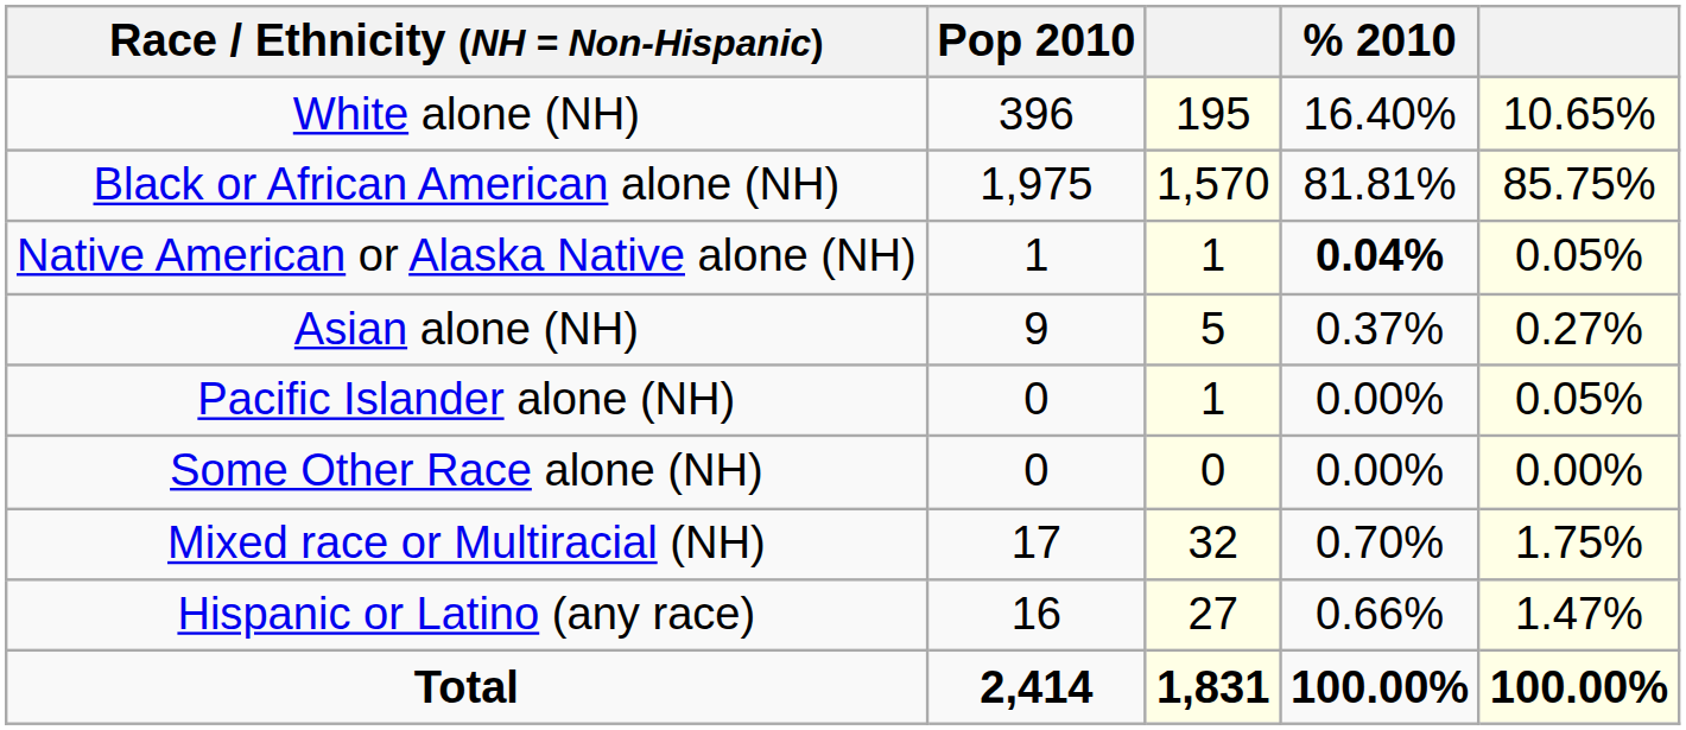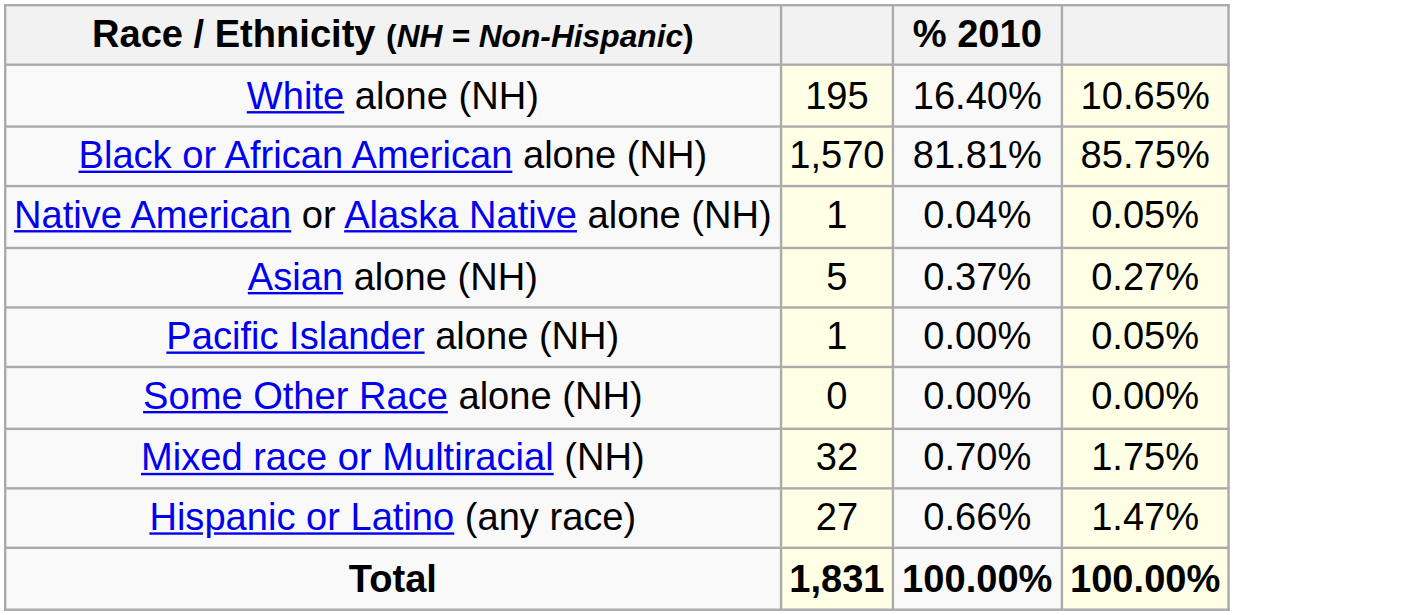 <table class="wikitable"  style="text-align:center;">
 <tr>
 <th>Race / Ethnicity <small>(<em>NH = Non-Hispanic</em>)</small></th>
-<th>Pop 2010</th>
 <th></th>
 <th>% 2010</th>
 <th></th>
 </tr>
 <tr>
 <td><a href='#'>White</a> alone (NH)</td>
-<td>396</td>
 <td style='background: #ffffe6;'>195</td>
 <td>16.40%</td>
 <td style='background: #ffffe6;'>10.65%</td>
 </tr>
 <tr>
 <td><a href='#'>Black or African American</a> alone (NH)</td>
-<td>1,975</td>
 <td style='background: #ffffe6;'>1,570</td>
 <td>81.81%</td>
 <td style='background: #ffffe6;'>85.75%</td>
 </tr>
 <tr>
 <td><a href='#'>Native American</a> or <a href='#'>Alaska Native</a> alone (NH)</td>
-<td>1</td>
 <td style='background: #ffffe6;'>1</td>
-<td><strong>0.04%</strong></td>
+<td>0.04%</td>
 <td style='background: #ffffe6;'>0.05%</td>
 </tr>
 <tr>
 <td><a href='#'>Asian</a> alone (NH)</td>
-<td>9</td>
 <td style='background: #ffffe6;'>5</td>
 <td>0.37%</td>
 <td style='background: #ffffe6;'>0.27%</td>
 </tr>
 <tr>
 <td><a href='#'>Pacific Islander</a> alone (NH)</td>
-<td>0</td>
 <td style='background: #ffffe6;'>1</td>
 <td>0.00%</td>
 <td style='background: #ffffe6;'>0.05%</td>
 </tr>
 <tr>
 <td><a href='#'>Some Other Race</a> alone (NH)</td>
-<td>0</td>
 <td style='background: #ffffe6;'>0</td>
 <td>0.00%</td>
 <td style='background: #ffffe6;'>0.00%</td>
 </tr>
 <tr>
 <td><a href='#'>Mixed race or Multiracial</a> (NH)</td>
-<td>17</td>
 <td style='background: #ffffe6;'>32</td>
 <td>0.70%</td>
 <td style='background: #ffffe6;'>1.75%</td>
 </tr>
 <tr>
 <td><a href='#'>Hispanic or Latino</a> (any race)</td>
-<td>16</td>
 <td style='background: #ffffe6;'>27</td>
 <td>0.66%</td>
 <td style='background: #ffffe6;'>1.47%</td>
 </tr>
 <tr>
 <td><strong>Total</strong></td>
-<td><strong>2,414</strong></td>
 <td style='background: #ffffe6;'><strong>1,831</strong></td>
 <td><strong>100.00%</strong></td>
 <td style='background: #ffffe6;'><strong>100.00%</strong></td>
 </tr>
 </table>
